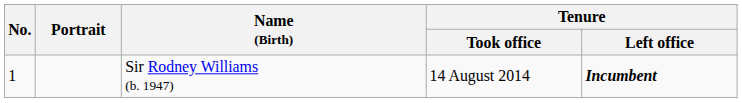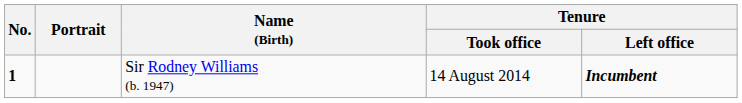 <table class="wikitable">
 <tr>
 <th scope="col" style="width:20px;" rowspan="2">No.</th>
 <th scope="col"  style="width:80px; text-align:center;" rowspan="2">Portrait</th>
 <th scope="col" style="width:300px;" rowspan="2">Name<br><small>(Birth)</small></th>
 <th scope="col" style="width:300px;" colspan="2">Tenure</th>
 </tr>
 <tr>
 <th scope="col" style="width:150px;">Took office</th>
 <th scope="col" style="width:150px;">Left office</th>
 </tr>
 <tr>
-<td>1</td>
+<td><strong>1</strong></td>
 <td style="text-align: center;"></td>
 <td>Sir <a href='#'>Rodney Williams</a><br><small>(b. 1947)</small></td>
 <td>14 August 2014</td>
 <td><strong><em>Incumbent</em></strong></td>
 </tr>
 </table>
